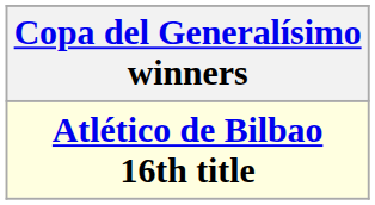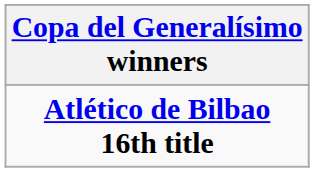 <table class="wikitable" style="text-align: center; margin: 0 auto;">
 <tr>
 <th><a href='#'>Copa del Generalísimo</a><br>winners</th>
 </tr>
 <tr>
-<td style="background: lightyellow;"><strong><a href='#'>Atlético de Bilbao</a></strong><br><strong>16th title</strong></td>
+<td><strong><a href='#'>Atlético de Bilbao</a></strong><br><strong>16th title</strong></td>
 </tr>
 </table>
